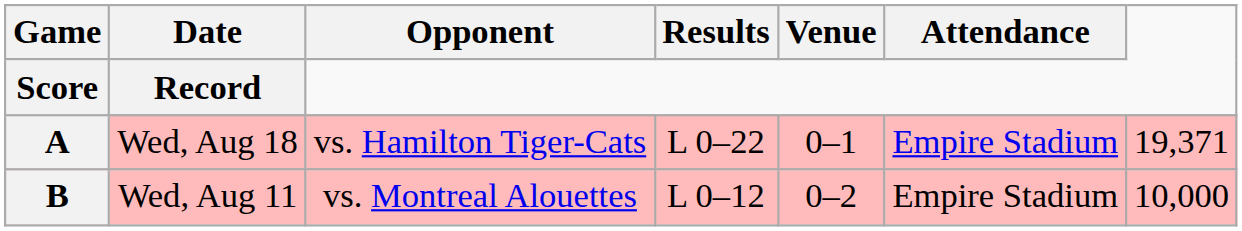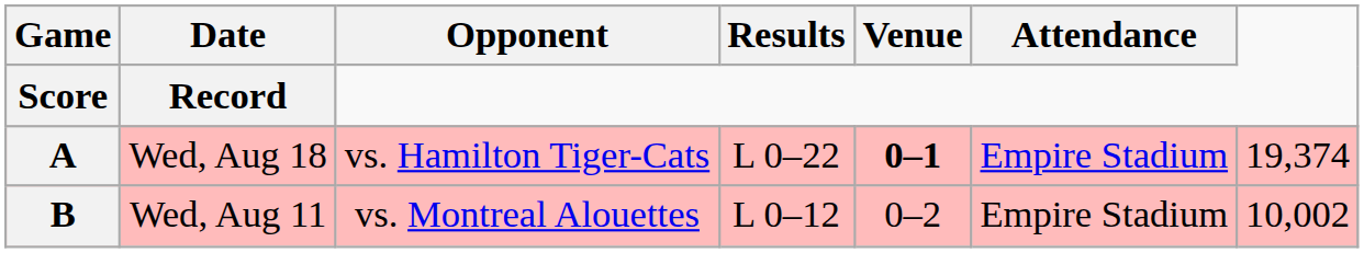 <table class="wikitable" style="text-align:center">
 <tr>
 <th>Game</th>
 <th>Date</th>
 <th>Opponent</th>
 <th>Results</th>
 <th>Venue</th>
 <th>Attendance</th>
 </tr>
 <tr>
 <th>Score</th>
 <th>Record</th>
 </tr>
 <tr style="background:#ffbbbb">
 <th>A</th>
 <td>Wed, Aug 18</td>
 <td>vs. <a href='#'>Hamilton Tiger-Cats</a></td>
 <td>L 0–22</td>
-<td>0–1</td>
+<td><strong>0–1</strong></td>
 <td><a href='#'>Empire Stadium</a></td>
-<td>19,371</td>
+<td>19,374</td>
 </tr>
 <tr style="background:#ffbbbb">
 <th>B</th>
 <td>Wed, Aug 11</td>
 <td>vs. <a href='#'>Montreal Alouettes</a></td>
 <td>L 0–12</td>
 <td>0–2</td>
 <td>Empire Stadium</td>
-<td>10,000</td>
+<td>10,002</td>
 </tr>
 </table>
